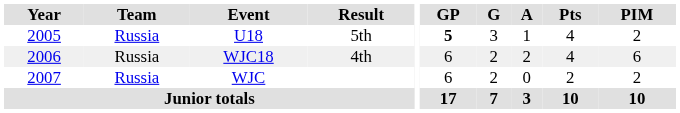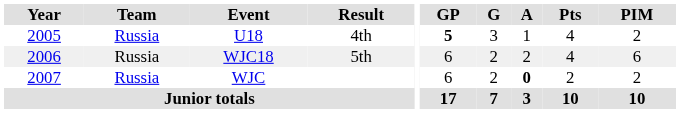 <table border="0" cellpadding="1" cellspacing="0" ID="Table3" style="text-align:center; width:40em">
 <tr ALIGN="center" bgcolor="#e0e0e0">
 <th>Year</th>
 <th>Team</th>
 <th>Event</th>
 <th>Result</th>
 <th rowspan="99" bgcolor="#ffffff"></th>
 <th>GP</th>
 <th>G</th>
 <th>A</th>
 <th>Pts</th>
 <th>PIM</th>
 </tr>
 <tr>
 <td><a href='#'>2005</a></td>
 <td><a href='#'>Russia</a></td>
 <td><a href='#'>U18</a></td>
-<td>5th</td>
+<td>4th</td>
 <td><strong>5</strong></td>
 <td>3</td>
 <td>1</td>
 <td>4</td>
 <td>2</td>
 </tr>
 <tr bgcolor="#f0f0f0">
 <td><a href='#'>2006</a></td>
 <td>Russia</td>
 <td><a href='#'>WJC18</a></td>
-<td>4th</td>
+<td>5th</td>
 <td>6</td>
 <td>2</td>
 <td>2</td>
 <td>4</td>
 <td>6</td>
 </tr>
 <tr>
 <td><a href='#'>2007</a></td>
 <td><a href='#'>Russia</a></td>
 <td><a href='#'>WJC</a></td>
 <td></td>
 <td>6</td>
 <td>2</td>
-<td>0</td>
+<td><strong>0</strong></td>
 <td>2</td>
 <td>2</td>
 </tr>
 <tr bgcolor="#e0e0e0">
 <th colspan="4">Junior totals</th>
 <th>17</th>
 <th>7</th>
 <th>3</th>
 <th>10</th>
 <th>10</th>
 </tr>
 </table>
